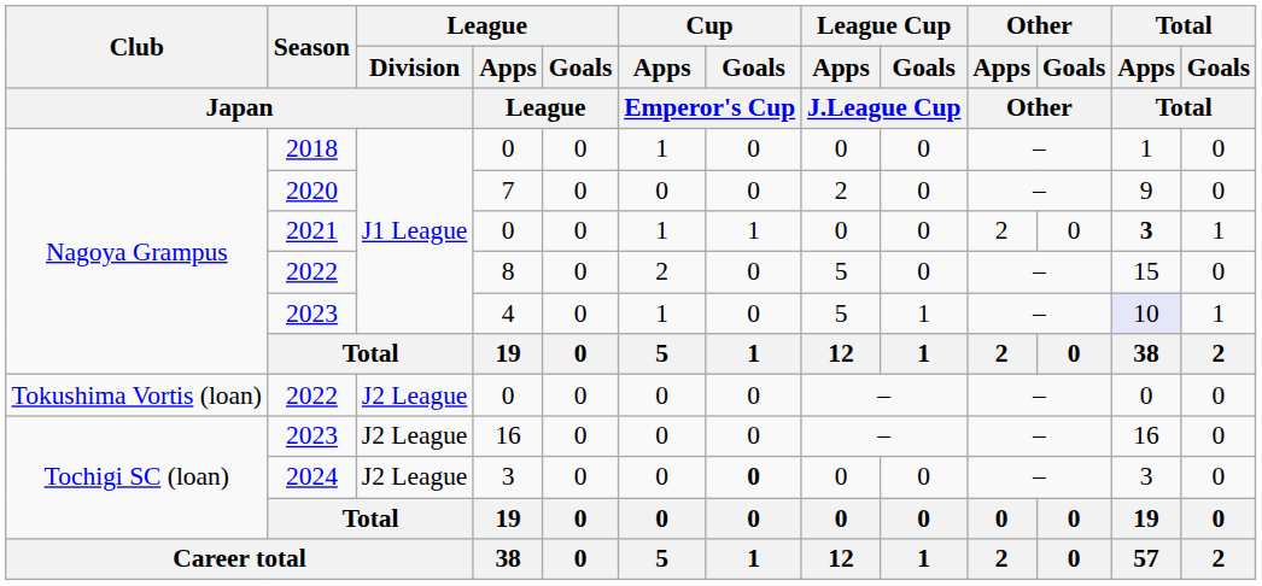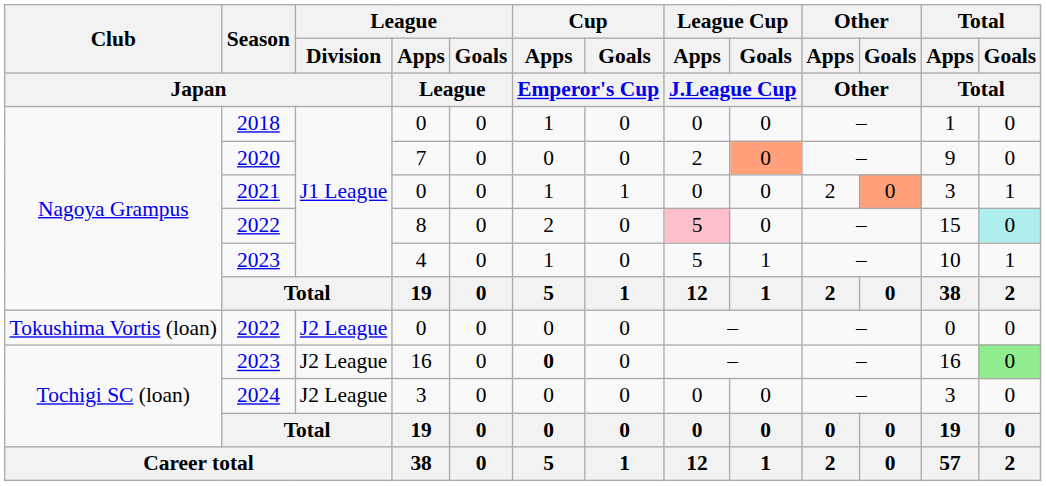 <table class="wikitable" style="text-align: center">
 <tr>
 <th rowspan="2">Club</th>
 <th rowspan="2">Season</th>
 <th colspan="3">League</th>
 <th colspan="2">Cup</th>
 <th colspan="2">League Cup</th>
 <th colspan="2">Other</th>
 <th colspan="2">Total</th>
 </tr>
 <tr>
 <th>Division</th>
 <th>Apps</th>
 <th>Goals</th>
 <th>Apps</th>
 <th>Goals</th>
 <th>Apps</th>
 <th>Goals</th>
 <th>Apps</th>
 <th>Goals</th>
 <th>Apps</th>
 <th>Goals</th>
 </tr>
 <tr>
 <th colspan=3>Japan</th>
 <th colspan=2>League</th>
 <th colspan=2><a href='#'>Emperor's Cup</a></th>
 <th colspan=2><a href='#'>J.League Cup</a></th>
 <th colspan=2>Other</th>
 <th colspan=2>Total</th>
 </tr>
 <tr>
 <td rowspan="6"><a href='#'>Nagoya Grampus</a></td>
 <td><a href='#'>2018</a></td>
 <td rowspan="5"><a href='#'>J1 League</a></td>
 <td>0</td>
 <td>0</td>
 <td>1</td>
 <td>0</td>
 <td>0</td>
 <td>0</td>
 <td colspan="2">–</td>
 <td>1</td>
 <td>0</td>
 </tr>
 <tr>
 <td><a href='#'>2020</a></td>
 <td>7</td>
 <td>0</td>
 <td>0</td>
 <td>0</td>
 <td>2</td>
-<td>0</td>
+<td style="background: lightsalmon;">0</td>
 <td colspan="2">–</td>
 <td>9</td>
 <td>0</td>
 </tr>
 <tr>
 <td><a href='#'>2021</a></td>
 <td>0</td>
 <td>0</td>
 <td>1</td>
 <td>1</td>
 <td>0</td>
 <td>0</td>
 <td>2</td>
-<td>0</td>
-<td><strong>3</strong></td>
+<td style="background: lightsalmon;">0</td>
+<td>3</td>
 <td>1</td>
 </tr>
 <tr>
 <td><a href='#'>2022</a></td>
 <td>8</td>
 <td>0</td>
 <td>2</td>
 <td>0</td>
-<td>5</td>
+<td style="background: pink;">5</td>
 <td>0</td>
 <td colspan="2">–</td>
 <td>15</td>
-<td>0</td>
+<td style="background: paleturquoise;">0</td>
 </tr>
 <tr>
 <td><a href='#'>2023</a></td>
 <td>4</td>
 <td>0</td>
 <td>1</td>
 <td>0</td>
 <td>5</td>
 <td>1</td>
 <td colspan="2">–</td>
-<td style="background: lavender;">10</td>
+<td>10</td>
 <td>1</td>
 </tr>
 <tr>
 <th colspan="2">Total</th>
 <th>19</th>
 <th>0</th>
 <th>5</th>
 <th>1</th>
 <th>12</th>
 <th>1</th>
 <th>2</th>
 <th>0</th>
 <th>38</th>
 <th>2</th>
 </tr>
 <tr>
 <td><a href='#'>Tokushima Vortis</a> (loan)</td>
 <td><a href='#'>2022</a></td>
 <td><a href='#'>J2 League</a></td>
 <td>0</td>
 <td>0</td>
 <td>0</td>
 <td>0</td>
 <td colspan="2">–</td>
 <td colspan="2">–</td>
 <td>0</td>
 <td>0</td>
 </tr>
 <tr>
 <td rowspan="3"><a href='#'>Tochigi SC</a> (loan)</td>
 <td><a href='#'>2023</a></td>
 <td>J2 League</td>
 <td>16</td>
 <td>0</td>
-<td>0</td>
+<td><strong>0</strong></td>
 <td>0</td>
 <td colspan="2">–</td>
 <td colspan="2">–</td>
 <td>16</td>
-<td>0</td>
+<td style="background: lightgreen;">0</td>
 </tr>
 <tr>
 <td><a href='#'>2024</a></td>
 <td>J2 League</td>
 <td>3</td>
 <td>0</td>
 <td>0</td>
-<td><strong>0</strong></td>
+<td>0</td>
 <td>0</td>
 <td>0</td>
 <td colspan="2">–</td>
 <td>3</td>
 <td>0</td>
 </tr>
 <tr>
 <th colspan="2">Total</th>
 <th>19</th>
 <th>0</th>
 <th>0</th>
 <th>0</th>
 <th>0</th>
 <th>0</th>
 <th>0</th>
 <th>0</th>
 <th>19</th>
 <th>0</th>
 </tr>
 <tr>
 <th colspan=3>Career total</th>
 <th>38</th>
 <th>0</th>
 <th>5</th>
 <th>1</th>
 <th>12</th>
 <th>1</th>
 <th>2</th>
 <th>0</th>
 <th>57</th>
 <th>2</th>
 </tr>
 </table>
